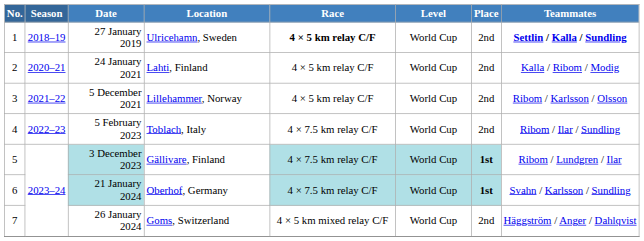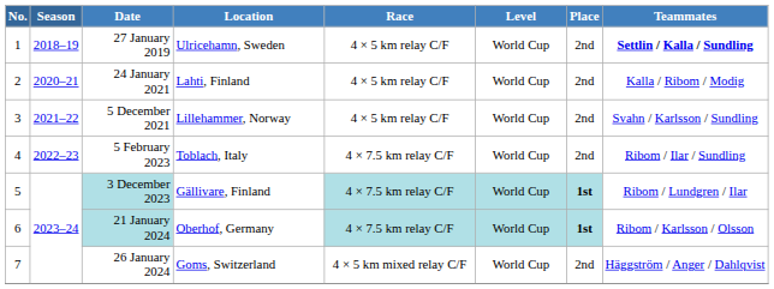 <table class="wikitable sortable" style="font-size:95%; text-align:center; border:grey solid 1px; border-collapse:collapse; background:#ffffff;">
 <tr style="background:#efefef;">
 <th style="background-color:#369; color:white;">No.</th>
 <th style="background-color:#369; color:white;">Season</th>
 <th style="background-color:#4180be; color:white; width:100px;">Date</th>
 <th style="background-color:#4180be; color:white; width:170px;">Location</th>
 <th style="background-color:#4180be; color:white; width:170px;">Race</th>
 <th style="background-color:#4180be; color:white; width:100px;">Level</th>
 <th style="background-color:#4180be; color:white;">Place</th>
 <th style="background-color:#4180be; color:white;">Teammates</th>
 </tr>
 <tr>
 <td align=center>1</td>
 <td rowspan=1 align=center><a href='#'>2018–19</a></td>
 <td align=right>27 January 2019</td>
 <td align=left> <a href='#'>Ulricehamn</a>, Sweden</td>
-<td><strong>4 × 5 km relay C/F</strong></td>
+<td>4 × 5 km relay C/F</td>
 <td>World Cup</td>
 <td>2nd</td>
 <td><strong><a href='#'>Settlin</a> / <a href='#'>Kalla</a> / <a href='#'>Sundling</a></strong></td>
 </tr>
 <tr>
 <td align=center>2</td>
 <td rowspan=1 align=center><a href='#'>2020–21</a></td>
 <td align=right>24 January 2021</td>
 <td align=left> <a href='#'>Lahti</a>, Finland</td>
 <td>4 × 5 km relay C/F</td>
 <td>World Cup</td>
 <td>2nd</td>
 <td><a href='#'>Kalla</a> / <a href='#'>Ribom</a> / <a href='#'>Modig</a></td>
 </tr>
 <tr>
 <td align=center>3</td>
 <td rowspan=1 align=center><a href='#'>2021–22</a></td>
 <td align=right>5 December 2021</td>
 <td align=left> <a href='#'>Lillehammer</a>, Norway</td>
 <td>4 × 5 km relay C/F</td>
 <td>World Cup</td>
 <td>2nd</td>
-<td><a href='#'>Ribom</a> / <a href='#'>Karlsson</a> / <a href='#'>Olsson</a></td>
+<td><a href='#'>Svahn</a> / <a href='#'>Karlsson</a> / <a href='#'>Sundling</a></td>
 </tr>
 <tr>
 <td align=center>4</td>
 <td rowspan=1 align=center><a href='#'>2022–23</a></td>
 <td align=right>5 February 2023</td>
 <td align=left> <a href='#'>Toblach</a>, Italy</td>
 <td>4 × 7.5 km relay C/F</td>
 <td>World Cup</td>
 <td>2nd</td>
 <td><a href='#'>Ribom</a> / <a href='#'>Ilar</a> / <a href='#'>Sundling</a></td>
 </tr>
 <tr>
 <td align=center>5</td>
 <td rowspan=3 align=center><a href='#'>2023–24</a></td>
 <td bgcolor="#BOEOE6" align=right>3 December 2023</td>
 <td align=left> <a href='#'>Gällivare</a>, Finland</td>
 <td bgcolor="#BOEOE6">4 × 7.5 km relay C/F</td>
 <td bgcolor="#BOEOE6">World Cup</td>
 <td bgcolor="#BOEOE6"><strong>1st</strong></td>
 <td><a href='#'>Ribom</a> / <a href='#'>Lundgren</a> / <a href='#'>Ilar</a></td>
 </tr>
 <tr>
 <td align=center>6</td>
 <td bgcolor="#BOEOE6" align=right>21 January 2024</td>
 <td align=left> <a href='#'>Oberhof</a>, Germany</td>
 <td bgcolor="#BOEOE6">4 × 7.5 km relay C/F</td>
 <td bgcolor="#BOEOE6">World Cup</td>
 <td bgcolor="#BOEOE6"><strong>1st</strong></td>
-<td><a href='#'>Svahn</a> / <a href='#'>Karlsson</a> / <a href='#'>Sundling</a></td>
+<td><a href='#'>Ribom</a> / <a href='#'>Karlsson</a> / <a href='#'>Olsson</a></td>
 </tr>
 <tr>
 <td align=center>7</td>
 <td align=right>26 January 2024</td>
 <td align=left> <a href='#'>Goms</a>, Switzerland</td>
 <td>4 × 5 km mixed relay C/F</td>
 <td>World Cup</td>
 <td>2nd</td>
 <td><a href='#'>Häggström</a> / <a href='#'>Anger</a> / <a href='#'>Dahlqvist</a></td>
 </tr>
 <tr>
 </tr>
 </table>
